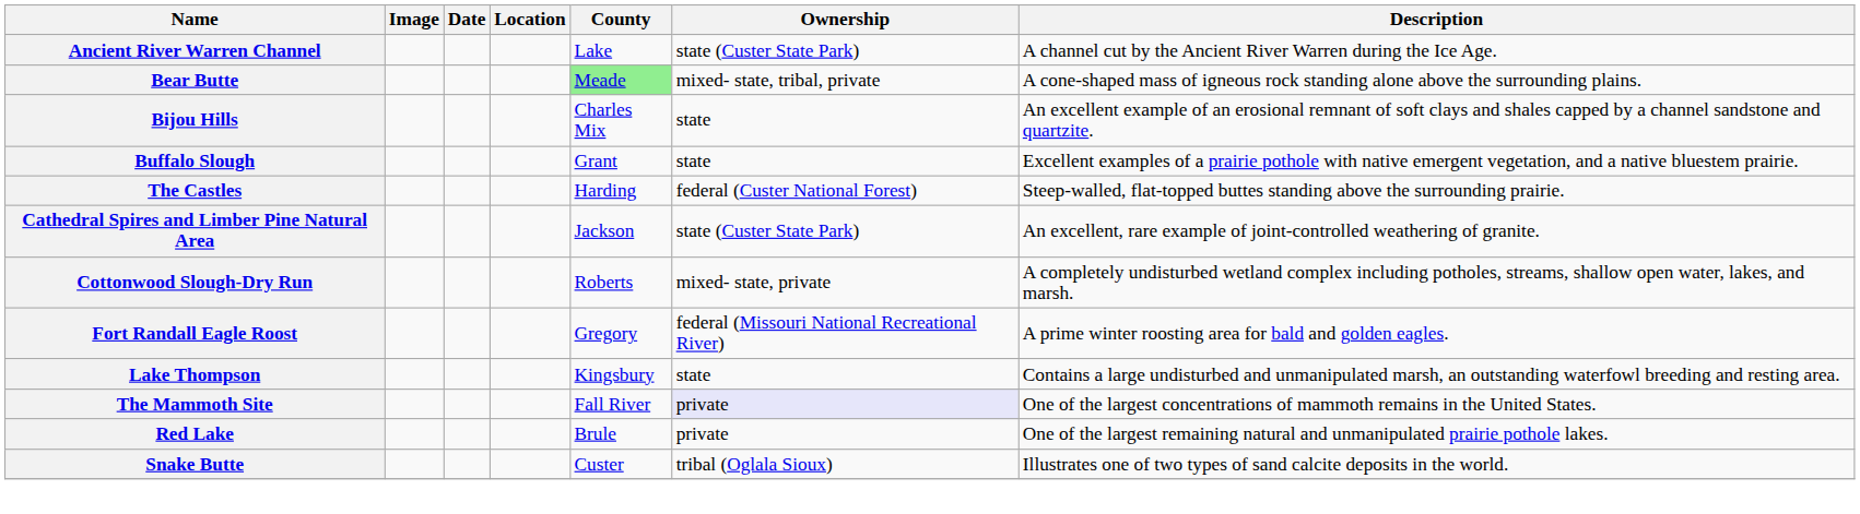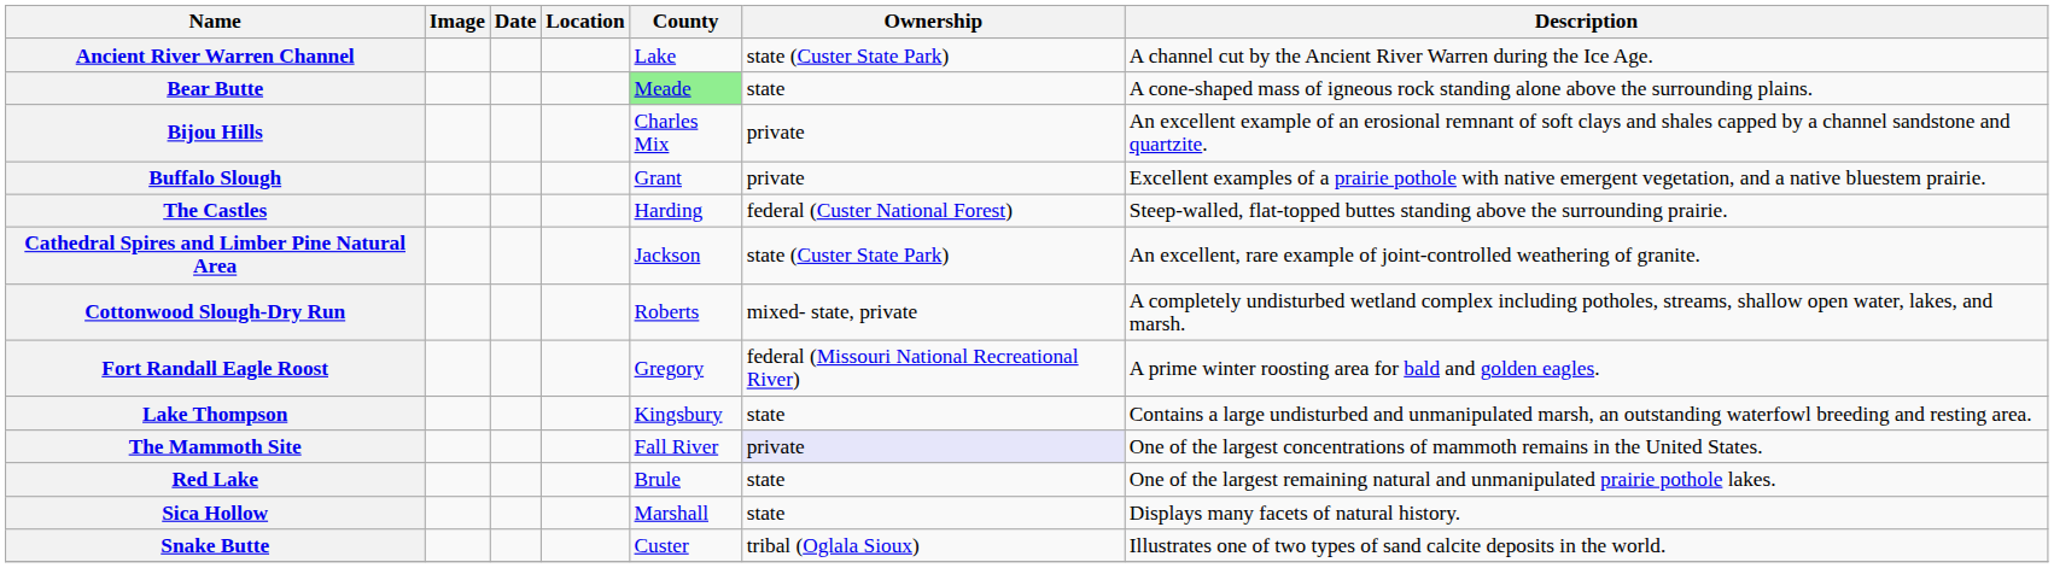 <table class="wikitable sortable" align="center">
 <tr>
 <th style="background-color:">Name</th>
 <th style="background-color:">Image</th>
 <th style="background-color:">Date</th>
 <th style="background-color:">Location</th>
 <th style="background-color:">County</th>
 <th style="background-color:">Ownership</th>
 <th style="background-color:">Description</th>
 </tr>
 <tr>
 <th><a href='#'>Ancient River Warren Channel</a></th>
 <td></td>
 <td></td>
 <td></td>
 <td><a href='#'>Lake</a></td>
 <td>state (<a href='#'>Custer State Park</a>)</td>
 <td>A channel cut by the Ancient River Warren during the Ice Age.</td>
 </tr>
 <tr>
 <th><a href='#'>Bear Butte</a></th>
 <td></td>
 <td></td>
 <td></td>
 <td style="background: lightgreen;"><a href='#'>Meade</a></td>
-<td>mixed- state, tribal, private</td>
+<td>state</td>
 <td>A cone-shaped mass of igneous rock standing alone  above the surrounding plains.</td>
 </tr>
 <tr>
 <th><a href='#'>Bijou Hills</a></th>
 <td></td>
 <td></td>
 <td></td>
 <td><a href='#'>Charles Mix</a></td>
-<td>state</td>
+<td>private</td>
 <td>An excellent example of an erosional remnant of soft clays and shales capped by a channel sandstone and <a href='#'>quartzite</a>.</td>
 </tr>
 <tr>
 <th><a href='#'>Buffalo Slough</a></th>
 <td></td>
 <td></td>
 <td></td>
 <td><a href='#'>Grant</a></td>
-<td>state</td>
+<td>private</td>
 <td>Excellent examples of a <a href='#'>prairie pothole</a> with native emergent vegetation, and a native bluestem prairie.</td>
 </tr>
 <tr>
 <th><a href='#'>The Castles</a></th>
 <td></td>
 <td></td>
 <td></td>
 <td><a href='#'>Harding</a></td>
 <td>federal (<a href='#'>Custer National Forest</a>)</td>
 <td>Steep-walled, flat-topped buttes standing  above the surrounding prairie.</td>
 </tr>
 <tr>
 <th><a href='#'>Cathedral Spires and Limber Pine Natural Area</a></th>
 <td></td>
 <td></td>
 <td></td>
 <td><a href='#'>Jackson</a></td>
 <td>state (<a href='#'>Custer State Park</a>)</td>
 <td>An excellent, rare example of joint-controlled weathering of granite.</td>
 </tr>
 <tr>
 <th><a href='#'>Cottonwood Slough-Dry Run</a></th>
 <td></td>
 <td></td>
 <td></td>
 <td><a href='#'>Roberts</a></td>
 <td>mixed- state, private</td>
 <td>A completely undisturbed wetland complex including potholes, streams, shallow open water, lakes, and marsh.</td>
 </tr>
 <tr>
 <th><a href='#'>Fort Randall Eagle Roost</a></th>
 <td></td>
 <td></td>
 <td></td>
 <td><a href='#'>Gregory</a></td>
 <td>federal (<a href='#'>Missouri National Recreational River</a>)</td>
 <td>A prime winter roosting area for <a href='#'>bald</a> and <a href='#'>golden eagles</a>.</td>
 </tr>
 <tr>
 <th><a href='#'>Lake Thompson</a></th>
 <td></td>
 <td></td>
 <td></td>
 <td><a href='#'>Kingsbury</a></td>
 <td>state</td>
 <td>Contains a large undisturbed and unmanipulated marsh, an outstanding waterfowl breeding and resting area.</td>
 </tr>
 <tr>
 <th><a href='#'>The Mammoth Site</a></th>
 <td></td>
 <td></td>
 <td></td>
 <td><a href='#'>Fall River</a></td>
 <td style="background: lavender;">private</td>
 <td>One of the largest concentrations of mammoth remains in the United States.</td>
 </tr>
 <tr>
 <th><a href='#'>Red Lake</a></th>
 <td></td>
 <td></td>
 <td></td>
 <td><a href='#'>Brule</a></td>
-<td>private</td>
+<td>state</td>
 <td>One of the largest remaining natural and unmanipulated <a href='#'>prairie pothole</a> lakes.</td>
+</tr>
+<tr>
+<th><a href='#'>Sica Hollow</a></th>
+<td></td>
+<td></td>
+<td></td>
+<td><a href='#'>Marshall</a></td>
+<td>state</td>
+<td>Displays many facets of natural history.</td>
 </tr>
 <tr>
 <th><a href='#'>Snake Butte</a></th>
 <td></td>
 <td></td>
 <td></td>
 <td><a href='#'>Custer</a></td>
 <td>tribal (<a href='#'>Oglala Sioux</a>)</td>
 <td>Illustrates one of two types of sand calcite deposits in the world.</td>
 </tr>
 <tr>
 </tr>
 </table>
